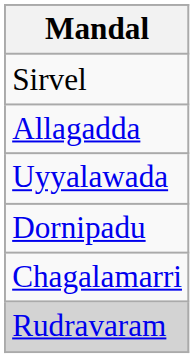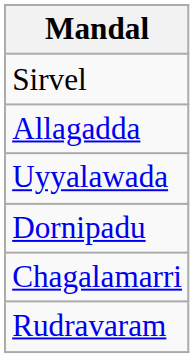 <table class="wikitable sortable static-row-numbers static-row-header-hash">
 <tr>
 <th>Mandal</th>
 </tr>
 <tr>
 <td>Sirvel</td>
 </tr>
 <tr>
 <td><a href='#'>Allagadda</a></td>
 </tr>
 <tr>
 <td><a href='#'>Uyyalawada</a></td>
 </tr>
 <tr>
 <td><a href='#'>Dornipadu</a></td>
 </tr>
 <tr>
 <td><a href='#'>Chagalamarri</a></td>
 </tr>
 <tr>
-<td style="background: lightgrey;"><a href='#'>Rudravaram</a></td>
+<td><a href='#'>Rudravaram</a></td>
 </tr>
 </table>
